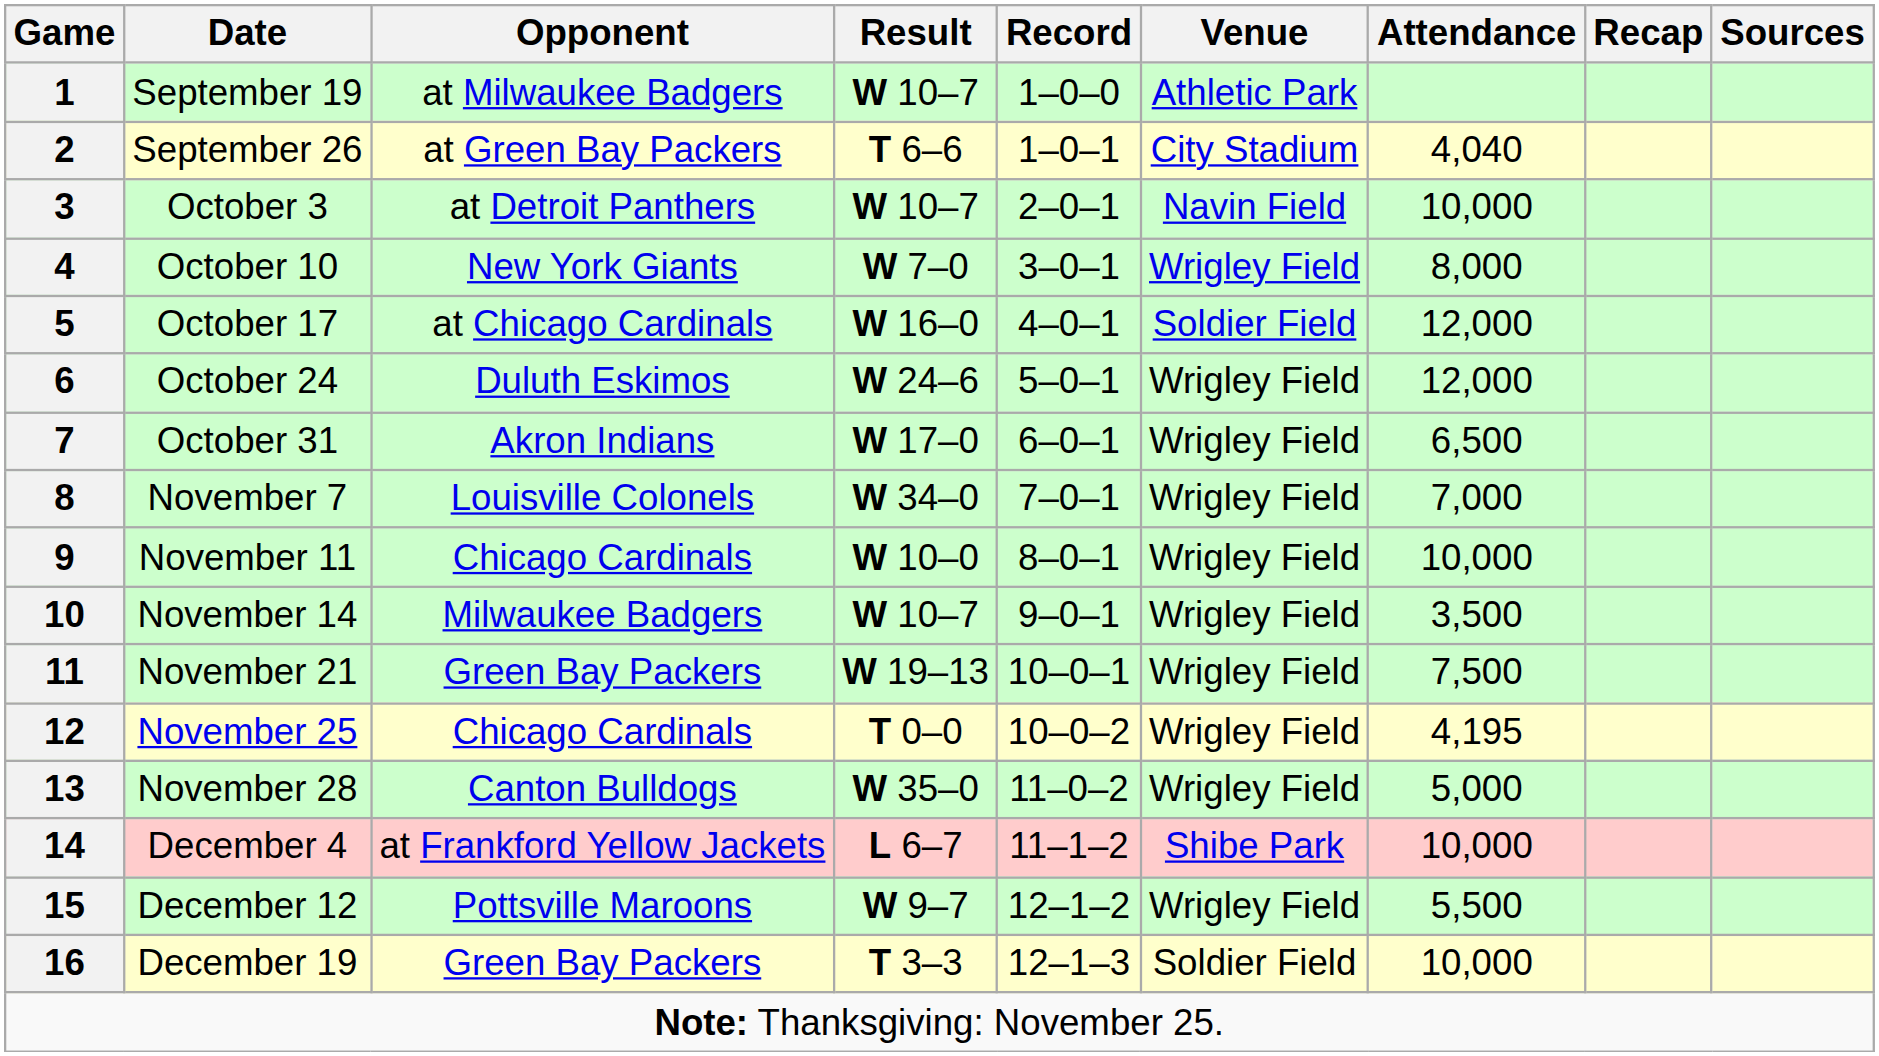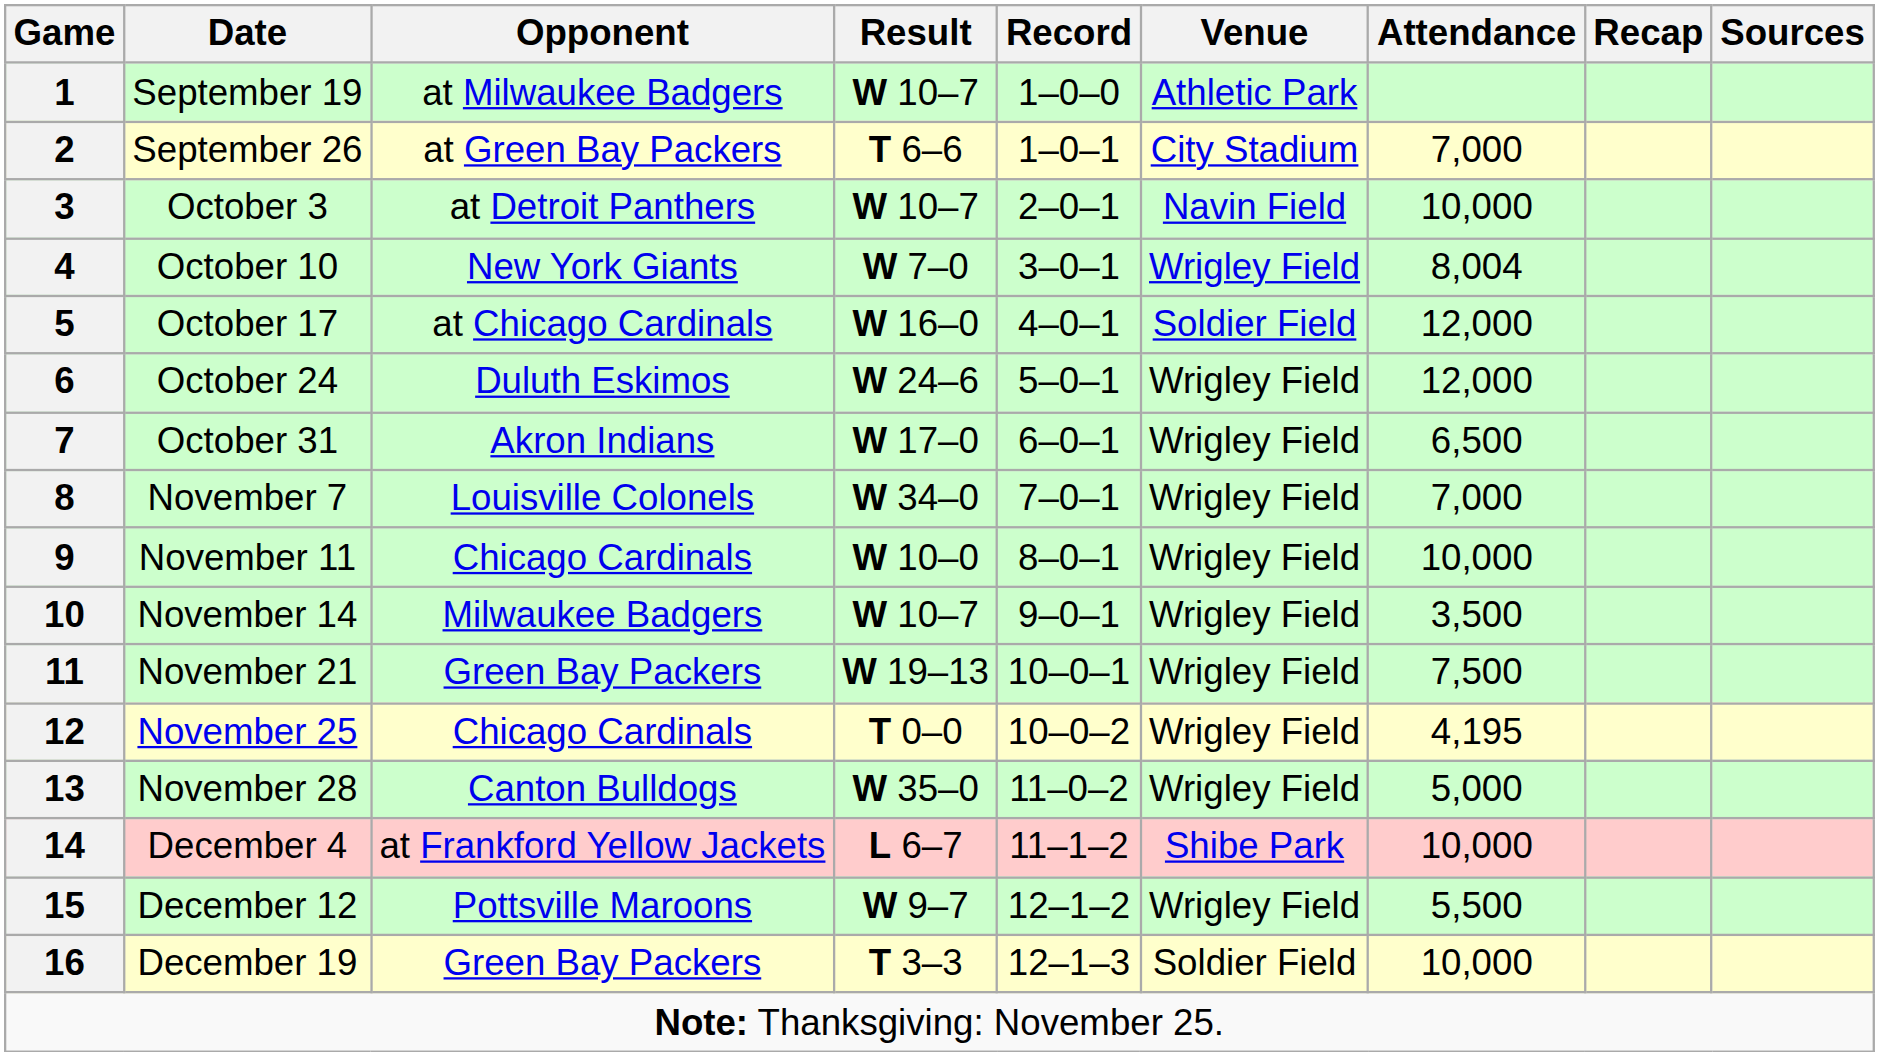 <table class="wikitable" style="text-align:center">
 <tr>
 <th>Game</th>
 <th>Date</th>
 <th>Opponent</th>
 <th>Result</th>
 <th>Record</th>
 <th>Venue</th>
 <th>Attendance</th>
 <th>Recap</th>
 <th>Sources</th>
 </tr>
 <tr style="background:#cfc">
 <th>1</th>
 <td>September 19</td>
 <td>at <a href='#'>Milwaukee Badgers</a></td>
 <td><strong>W</strong> 10–7</td>
 <td>1–0–0</td>
 <td><a href='#'>Athletic Park</a></td>
 <td></td>
 <td></td>
 <td></td>
 </tr>
 <tr style="background:#ffc">
 <th>2</th>
 <td>September 26</td>
 <td>at <a href='#'>Green Bay Packers</a></td>
 <td><strong>T</strong> 6–6</td>
 <td>1–0–1</td>
 <td><a href='#'>City Stadium</a></td>
-<td>4,040</td>
+<td>7,000</td>
 <td></td>
 <td></td>
 </tr>
 <tr style="background:#cfc">
 <th>3</th>
 <td>October 3</td>
 <td>at <a href='#'>Detroit Panthers</a></td>
 <td><strong>W</strong> 10–7</td>
 <td>2–0–1</td>
 <td><a href='#'>Navin Field</a></td>
 <td>10,000</td>
 <td></td>
 <td></td>
 </tr>
 <tr style="background:#cfc">
 <th>4</th>
 <td>October 10</td>
 <td><a href='#'>New York Giants</a></td>
 <td><strong>W</strong> 7–0</td>
 <td>3–0–1</td>
 <td><a href='#'>Wrigley Field</a></td>
-<td>8,000</td>
+<td>8,004</td>
 <td></td>
 <td></td>
 </tr>
 <tr style="background:#cfc">
 <th>5</th>
 <td>October 17</td>
 <td>at <a href='#'>Chicago Cardinals</a></td>
 <td><strong>W</strong> 16–0</td>
 <td>4–0–1</td>
 <td><a href='#'>Soldier Field</a></td>
 <td>12,000</td>
 <td></td>
 <td></td>
 </tr>
 <tr style="background:#cfc">
 <th>6</th>
 <td>October 24</td>
 <td><a href='#'>Duluth Eskimos</a></td>
 <td><strong>W</strong> 24–6</td>
 <td>5–0–1</td>
 <td>Wrigley Field</td>
 <td>12,000</td>
 <td></td>
 <td></td>
 </tr>
 <tr style="background:#cfc">
 <th>7</th>
 <td>October 31</td>
 <td><a href='#'>Akron Indians</a></td>
 <td><strong>W</strong> 17–0</td>
 <td>6–0–1</td>
 <td>Wrigley Field</td>
 <td>6,500</td>
 <td></td>
 <td></td>
 </tr>
 <tr style="background:#cfc">
 <th>8</th>
 <td>November 7</td>
 <td><a href='#'>Louisville Colonels</a></td>
 <td><strong>W</strong> 34–0</td>
 <td>7–0–1</td>
 <td>Wrigley Field</td>
 <td>7,000</td>
 <td></td>
 <td></td>
 </tr>
 <tr style="background:#cfc">
 <th>9</th>
 <td>November  11</td>
 <td><a href='#'>Chicago Cardinals</a></td>
 <td><strong>W</strong> 10–0</td>
 <td>8–0–1</td>
 <td>Wrigley Field</td>
 <td>10,000</td>
 <td></td>
 <td></td>
 </tr>
 <tr style="background:#cfc">
 <th>10</th>
 <td>November  14</td>
 <td><a href='#'>Milwaukee Badgers</a></td>
 <td><strong>W</strong> 10–7</td>
 <td>9–0–1</td>
 <td>Wrigley Field</td>
 <td>3,500</td>
 <td></td>
 <td></td>
 </tr>
 <tr style="background:#cfc">
 <th>11</th>
 <td>November 21</td>
 <td><a href='#'>Green Bay Packers</a></td>
 <td><strong>W</strong> 19–13</td>
 <td>10–0–1</td>
 <td>Wrigley Field</td>
 <td>7,500</td>
 <td></td>
 <td></td>
 </tr>
 <tr style="background:#ffc">
 <th>12</th>
 <td><a href='#'>November 25</a></td>
 <td><a href='#'>Chicago Cardinals</a></td>
 <td><strong>T</strong> 0–0</td>
 <td>10–0–2</td>
 <td>Wrigley Field</td>
 <td>4,195</td>
 <td></td>
 <td></td>
 </tr>
 <tr style="background:#cfc">
 <th>13</th>
 <td>November 28</td>
 <td><a href='#'>Canton Bulldogs</a></td>
 <td><strong>W</strong> 35–0</td>
 <td>11–0–2</td>
 <td>Wrigley Field</td>
 <td>5,000</td>
 <td></td>
 <td></td>
 </tr>
 <tr style="background:#fcc">
 <th>14</th>
 <td>December 4</td>
 <td>at <a href='#'>Frankford Yellow Jackets</a></td>
 <td><strong>L</strong> 6–7</td>
 <td>11–1–2</td>
 <td><a href='#'>Shibe Park</a></td>
 <td>10,000</td>
 <td></td>
 <td></td>
 </tr>
 <tr style="background:#cfc">
 <th>15</th>
 <td>December 12</td>
 <td><a href='#'>Pottsville Maroons</a></td>
 <td><strong>W</strong> 9–7</td>
 <td>12–1–2</td>
 <td>Wrigley Field</td>
 <td>5,500</td>
 <td></td>
 <td></td>
 </tr>
 <tr style="background:#ffc">
 <th>16</th>
 <td>December 19</td>
 <td><a href='#'>Green Bay Packers</a></td>
 <td><strong>T</strong> 3–3</td>
 <td>12–1–3</td>
 <td>Soldier Field</td>
 <td>10,000</td>
 <td></td>
 <td></td>
 </tr>
 <tr>
 <td colspan="10"><strong>Note:</strong> Thanksgiving: November 25.</td>
 </tr>
 </table>
